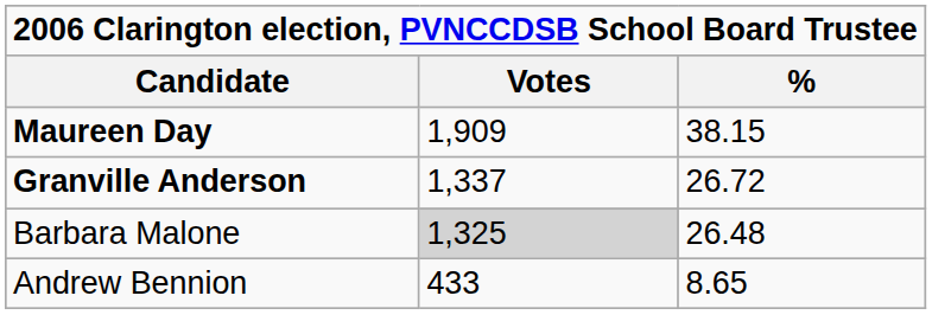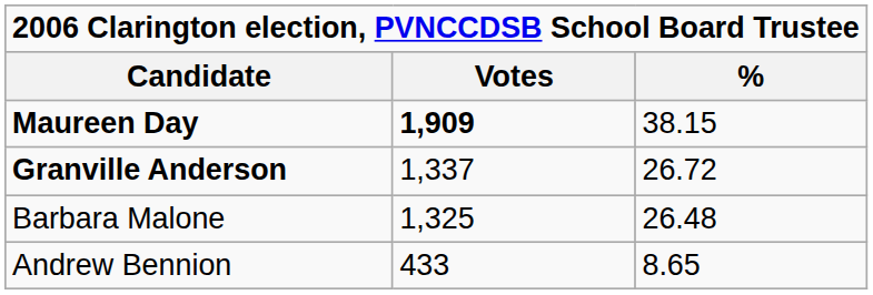 <table class="wikitable">
 <tr>
 <td Colspan="3" align="center"><strong>2006 Clarington election, <a href='#'>PVNCCDSB</a> School  Board Trustee</strong></td>
 </tr>
 <tr>
 <th bgcolor="#DDDDFF" width="200px">Candidate</th>
 <th bgcolor="#DDDDFF">Votes</th>
 <th bgcolor="#DDDDFF">%</th>
 </tr>
 <tr>
 <td><strong>Maureen Day</strong></td>
-<td>1,909</td>
+<td><strong>1,909</strong></td>
 <td>38.15</td>
 </tr>
 <tr>
 <td><strong>Granville Anderson</strong></td>
 <td>1,337</td>
 <td>26.72</td>
 </tr>
 <tr>
 <td>Barbara Malone</td>
-<td style="background: lightgrey;">1,325</td>
+<td>1,325</td>
 <td>26.48</td>
 </tr>
 <tr>
 <td>Andrew Bennion</td>
 <td>433</td>
 <td>8.65</td>
 </tr>
 </table>
